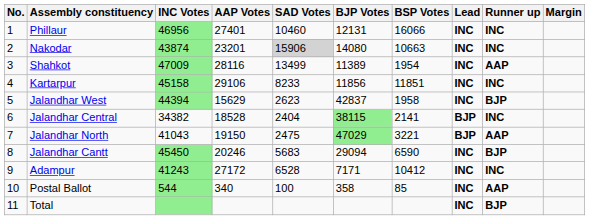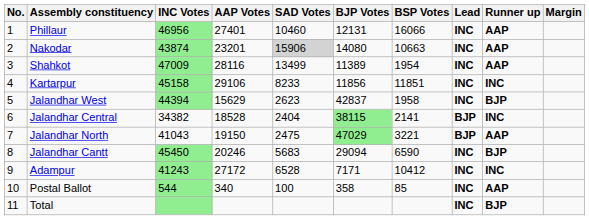 <table class="wikitable sortable">
 <tr>
 <th>No.</th>
 <th>Assembly constituency</th>
 <th>INC Votes</th>
 <th>AAP Votes</th>
 <th>SAD Votes</th>
 <th>BJP Votes</th>
 <th>BSP Votes</th>
 <th>Lead</th>
 <th>Runner up</th>
 <th>Margin</th>
 </tr>
 <tr>
 <td>1</td>
 <td><a href='#'>Phillaur</a></td>
 <td bgcolor="lightgreen">46956</td>
 <td>27401</td>
 <td>10460</td>
 <td>12131</td>
 <td>16066</td>
 <td style="background: "><strong>INC</strong></td>
-<td style="background: "><strong>INC</strong></td>
+<td style="background: "><span><strong>AAP</strong></span></td>
 <td></td>
 </tr>
 <tr>
 <td>2</td>
 <td><a href='#'>Nakodar</a></td>
 <td bgcolor="lightgreen">43874</td>
 <td>23201</td>
 <td style="background: lightgrey;">15906</td>
 <td>14080</td>
 <td>10663</td>
 <td style="background: "><strong>INC</strong></td>
-<td style="background: "><strong>INC</strong></td>
+<td style="background: "><span><strong>AAP</strong></span></td>
 <td></td>
 </tr>
 <tr>
 <td>3</td>
 <td><a href='#'>Shahkot</a></td>
 <td bgcolor="lightgreen">47009</td>
 <td>28116</td>
 <td>13499</td>
 <td>11389</td>
 <td>1954</td>
 <td style="background: "><strong>INC</strong></td>
 <td style="background: "><span><strong>AAP</strong></span></td>
 <td></td>
 </tr>
 <tr>
 <td>4</td>
 <td><a href='#'>Kartarpur</a></td>
 <td bgcolor="lightgreen">45158</td>
 <td>29106</td>
 <td>8233</td>
 <td>11856</td>
 <td>11851</td>
 <td style="background: "><strong>INC</strong></td>
 <td style="background: "><strong>INC</strong></td>
 <td></td>
 </tr>
 <tr>
 <td>5</td>
 <td><a href='#'>Jalandhar West</a></td>
 <td bgcolor="lightgreen">44394</td>
 <td>15629</td>
 <td>2623</td>
 <td>42837</td>
 <td>1958</td>
 <td style="background: "><strong>INC</strong></td>
 <td style="background:"><strong>BJP</strong></td>
 </tr>
 <tr>
 <td>6</td>
 <td><a href='#'>Jalandhar Central</a></td>
 <td>34382</td>
 <td>18528</td>
 <td>2404</td>
 <td bgcolor="lightgreen">38115</td>
 <td>2141</td>
 <td style="background:"><strong>BJP</strong></td>
 <td style="background: "><strong>INC</strong></td>
 <td></td>
 </tr>
 <tr>
 <td>7</td>
 <td><a href='#'>Jalandhar North</a></td>
 <td>41043</td>
 <td>19150</td>
 <td>2475</td>
 <td bgcolor="lightgreen">47029</td>
 <td>3221</td>
 <td style="background:"><strong>BJP</strong></td>
 <td style="background: "><span><strong>AAP</strong></span></td>
 <td></td>
 </tr>
 <tr>
 <td>8</td>
 <td><a href='#'>Jalandhar Cantt</a></td>
 <td bgcolor="lightgreen">45450</td>
 <td>20246</td>
 <td>5683</td>
 <td>29094</td>
 <td>6590</td>
 <td style="background: "><strong>INC</strong></td>
 <td style="background:"><strong>BJP</strong></td>
 </tr>
 <tr>
 <td>9</td>
 <td><a href='#'>Adampur</a></td>
 <td bgcolor="lightgreen">41243</td>
 <td>27172</td>
 <td>6528</td>
 <td>7171</td>
 <td>10412</td>
 <td style="background: "><strong>INC</strong></td>
 <td style="background: "><strong>INC</strong></td>
 <td></td>
 </tr>
 <tr>
 <td>10</td>
 <td>Postal Ballot</td>
 <td bgcolor="lightgreen">544</td>
 <td>340</td>
 <td>100</td>
 <td>358</td>
 <td>85</td>
 <td style="background: "><strong>INC</strong></td>
 <td style="background: "><span><strong>AAP</strong></span></td>
 <td></td>
 </tr>
 <tr>
 <td>11</td>
 <td>Total</td>
 <td bgcolor="lightgreen"></td>
 <td></td>
 <td></td>
 <td></td>
 <td></td>
 <td style="background: "><strong>INC</strong></td>
 <td style="background:"><strong>BJP</strong></td>
 </tr>
 </table>
